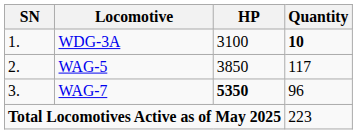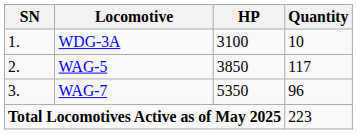 <table class="wikitable sortable">
 <tr>
 <th>SN</th>
 <th>Locomotive</th>
 <th>HP</th>
 <th>Quantity</th>
 </tr>
 <tr>
 <td>1.</td>
 <td><a href='#'>WDG-3A</a></td>
 <td>3100</td>
-<td><strong>10</strong></td>
+<td>10</td>
 </tr>
 <tr>
 <td>2.</td>
 <td><a href='#'>WAG-5</a></td>
 <td>3850</td>
 <td>117</td>
 </tr>
 <tr>
 <td>3.</td>
 <td><a href='#'>WAG-7</a></td>
-<td><strong>5350</strong></td>
+<td>5350</td>
 <td>96</td>
 </tr>
 <tr>
 <td colspan="3"><strong>Total Locomotives Active as of May 2025</strong></td>
 <td>223</td>
 </tr>
 </table>
